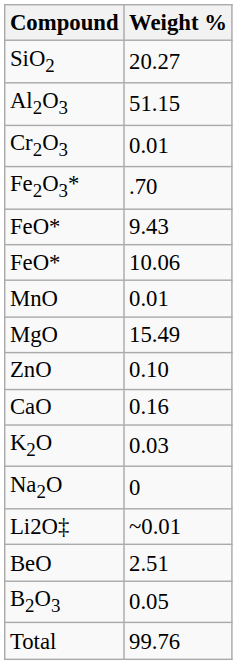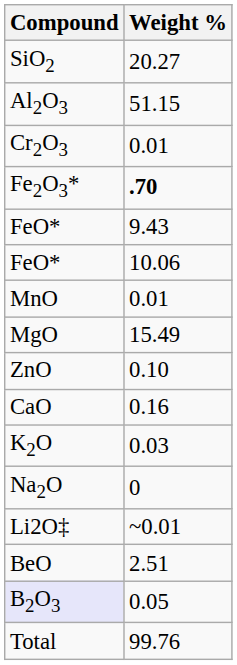 <table class="wikitable">
 <tr>
 <th>Compound</th>
 <th>Weight %</th>
 </tr>
 <tr>
 <td>SiO<sub>2</sub></td>
 <td>20.27</td>
 </tr>
 <tr>
 <td>Al<sub>2</sub>O<sub>3</sub></td>
 <td>51.15</td>
 </tr>
 <tr>
 <td>Cr<sub>2</sub>O<sub>3</sub></td>
 <td>0.01</td>
 </tr>
 <tr>
 <td>Fe<sub>2</sub>O<sub>3</sub>*</td>
-<td>.70</td>
+<td><strong>.70</strong></td>
 </tr>
 <tr>
 <td>FeO*</td>
 <td>9.43</td>
 </tr>
 <tr>
 <td>FeO*</td>
 <td>10.06</td>
 </tr>
 <tr>
 <td>MnO</td>
 <td>0.01</td>
 </tr>
 <tr>
 <td>MgO</td>
 <td>15.49</td>
 </tr>
 <tr>
 <td>ZnO</td>
 <td>0.10</td>
 </tr>
 <tr>
 <td>CaO</td>
 <td>0.16</td>
 </tr>
 <tr>
 <td>K<sub>2</sub>O</td>
 <td>0.03</td>
 </tr>
 <tr>
 <td>Na<sub>2</sub>O</td>
 <td>0</td>
 </tr>
 <tr>
 <td>Li2O‡</td>
 <td>~0.01</td>
 </tr>
 <tr>
 <td>BeO</td>
 <td>2.51</td>
 </tr>
 <tr>
-<td>B<sub>2</sub>O<sub>3</sub></td>
+<td style="background: lavender;">B<sub>2</sub>O<sub>3</sub></td>
 <td>0.05</td>
 </tr>
 <tr>
 <td>Total</td>
 <td>99.76</td>
 </tr>
 </table>
